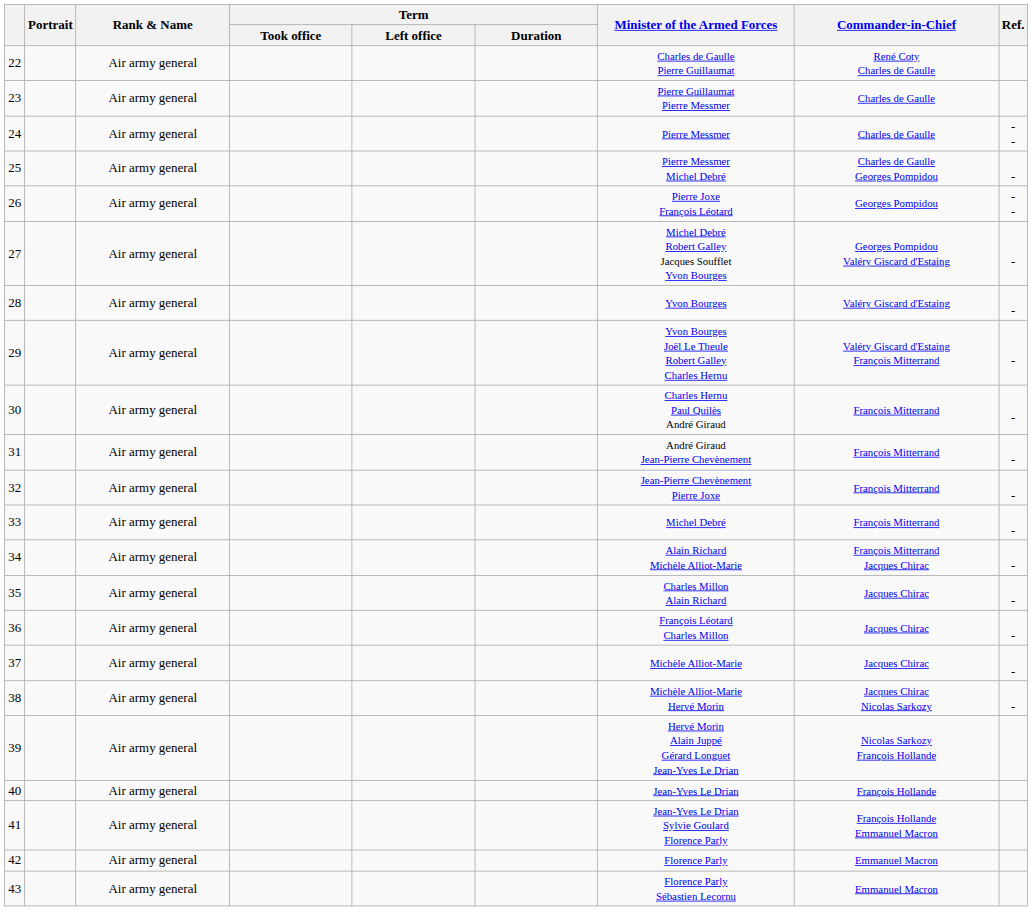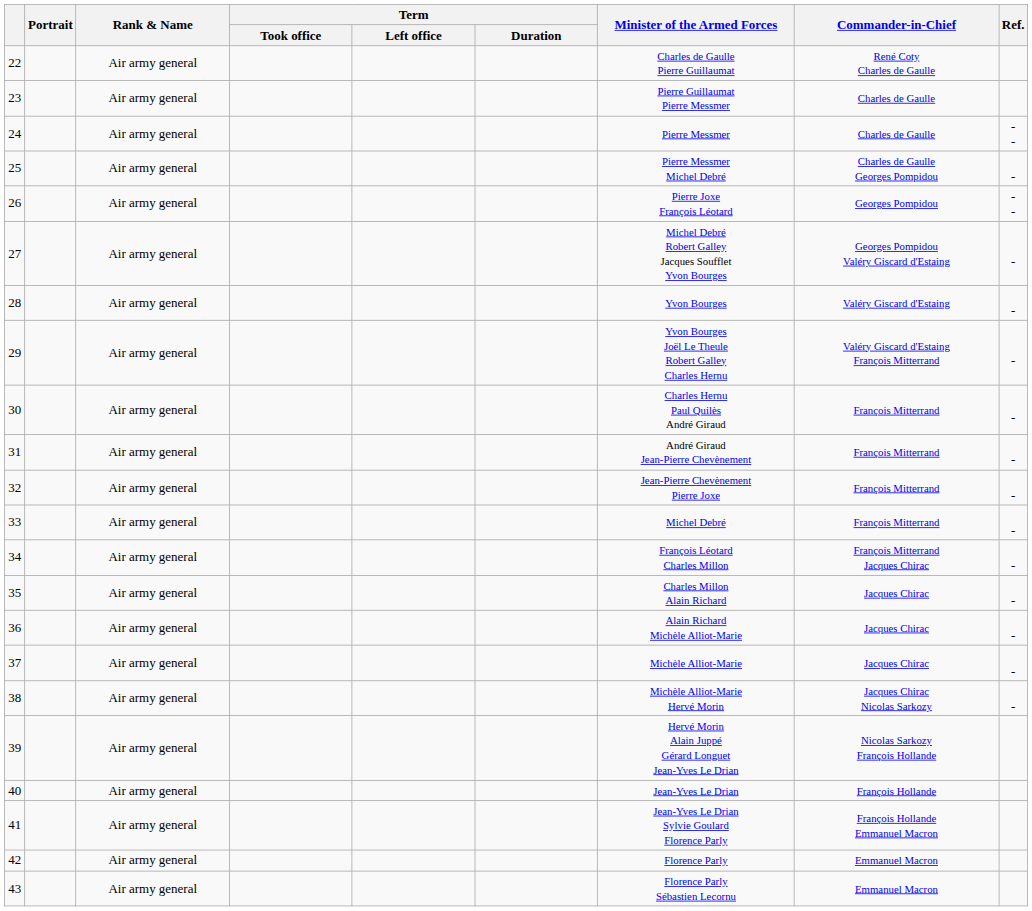 <table class="wikitable" style="text-align:center; width:100%">
 <tr>
 <th style="width:2%" rowspan=2></th>
 <th style="width:5%" rowspan=2>Portrait</th>
 <th style="width:15%" rowspan=2>Rank & Name</th>
 <th colspan=3>Term</th>
 <th rowspan=2><a href='#'>Minister of the Armed Forces</a></th>
 <th style="width:20%" rowspan=2><a href='#'>Commander-in-Chief</a></th>
 <th style="width:2%" rowspan=2>Ref.</th>
 </tr>
 <tr>
 <th style="width:12%">Took office </th>
 <th style="width:12%">Left office </th>
 <th style="width:12%">Duration</th>
 </tr>
 <tr>
 <td>22</td>
 <td></td>
 <td>Air army general<br><strong></strong></td>
 <td></td>
 <td></td>
 <td></td>
 <td><small><a href='#'>Charles de Gaulle</a><br><a href='#'>Pierre Guillaumat</a></small></td>
 <td><small><a href='#'>René Coty</a><br><a href='#'>Charles de Gaulle</a></small></td>
 <td><br></td>
 </tr>
 <tr>
 <td>23</td>
 <td></td>
 <td>Air army general<br><strong></strong></td>
 <td></td>
 <td></td>
 <td></td>
 <td><small><a href='#'>Pierre Guillaumat</a><br><a href='#'>Pierre Messmer</a></small></td>
 <td><small><a href='#'>Charles de Gaulle</a></small></td>
 <td><br></td>
 </tr>
 <tr>
 <td>24</td>
 <td></td>
 <td>Air army general<br><strong></strong></td>
 <td></td>
 <td></td>
 <td></td>
 <td><small><a href='#'>Pierre Messmer</a></small></td>
 <td><small><a href='#'>Charles de Gaulle</a></small></td>
 <td>-<br>-</td>
 </tr>
 <tr>
 <td>25</td>
 <td></td>
 <td>Air army general<br><strong></strong></td>
 <td></td>
 <td></td>
 <td></td>
 <td><small><a href='#'>Pierre Messmer</a><br><a href='#'>Michel Debré</a></small></td>
 <td><small><a href='#'>Charles de Gaulle</a><br><a href='#'>Georges Pompidou</a></small></td>
 <td><br>-</td>
 </tr>
 <tr>
 <td>26</td>
 <td></td>
 <td>Air army general<br><strong></strong></td>
 <td></td>
 <td></td>
 <td></td>
 <td><small><a href='#'>Pierre Joxe</a><br><a href='#'>François Léotard</a></small></td>
 <td><small><a href='#'>Georges Pompidou</a></small></td>
 <td>-<br>-</td>
 </tr>
 <tr>
 <td>27</td>
 <td></td>
 <td>Air army general<br><strong></strong></td>
 <td></td>
 <td></td>
 <td></td>
 <td><small><a href='#'>Michel Debré</a><br><a href='#'>Robert Galley</a><br>Jacques Soufflet<br><a href='#'>Yvon Bourges</a></small></td>
 <td><small><a href='#'>Georges Pompidou</a><br><a href='#'>Valéry Giscard d'Estaing</a></small></td>
 <td><br>-</td>
 </tr>
 <tr>
 <td>28</td>
 <td></td>
 <td>Air army general<br><strong></strong></td>
 <td></td>
 <td></td>
 <td></td>
 <td><small><a href='#'>Yvon Bourges</a></small></td>
 <td><small><a href='#'>Valéry Giscard d'Estaing</a></small></td>
 <td><br>-</td>
 </tr>
 <tr>
 <td>29</td>
 <td></td>
 <td>Air army general<br><strong></strong></td>
 <td></td>
 <td></td>
 <td></td>
 <td><small><a href='#'>Yvon Bourges</a><br><a href='#'>Joël Le Theule</a><br><a href='#'>Robert Galley</a><br><a href='#'>Charles Hernu</a></small></td>
 <td><small><a href='#'>Valéry Giscard d'Estaing</a><br><a href='#'>François Mitterrand</a></small></td>
 <td><br>-</td>
 </tr>
 <tr>
 <td>30</td>
 <td></td>
 <td>Air army general<br><strong></strong></td>
 <td></td>
 <td></td>
 <td></td>
 <td><small><a href='#'>Charles Hernu</a><br><a href='#'>Paul Quilès</a><br>André Giraud</small></td>
 <td><small><a href='#'>François Mitterrand</a></small></td>
 <td><br>-</td>
 </tr>
 <tr>
 <td>31</td>
 <td></td>
 <td>Air army general<br><strong></strong></td>
 <td></td>
 <td></td>
 <td></td>
 <td><small>André Giraud<br><a href='#'>Jean-Pierre Chevènement</a></small></td>
 <td><small><a href='#'>François Mitterrand</a></small></td>
 <td><br>-</td>
 </tr>
 <tr>
 <td>32</td>
 <td></td>
 <td>Air army general<br><strong></strong></td>
 <td></td>
 <td></td>
 <td></td>
 <td><small><a href='#'>Jean-Pierre Chevènement</a><br><a href='#'>Pierre Joxe</a></small></td>
 <td><small><a href='#'>François Mitterrand</a></small></td>
 <td><br>-</td>
 </tr>
 <tr>
 <td>33</td>
 <td></td>
 <td>Air army general<br><strong></strong></td>
 <td></td>
 <td></td>
 <td></td>
 <td><small><a href='#'>Michel Debré</a></small></td>
 <td><small><a href='#'>François Mitterrand</a></small></td>
 <td><br>-</td>
 </tr>
 <tr>
 <td>34</td>
 <td></td>
 <td>Air army general<br><strong></strong></td>
 <td></td>
 <td></td>
 <td></td>
-<td><small><a href='#'>Alain Richard</a><br><a href='#'>Michèle Alliot-Marie</a></small></td>
+<td><small><a href='#'>François Léotard</a><br><a href='#'>Charles Millon</a></small></td>
 <td><small><a href='#'>François Mitterrand</a><br><a href='#'>Jacques Chirac</a></small></td>
 <td><br>-</td>
 </tr>
 <tr>
 <td>35</td>
 <td></td>
 <td>Air army general<br><strong></strong></td>
 <td></td>
 <td></td>
 <td></td>
 <td><small><a href='#'>Charles Millon</a><br><a href='#'>Alain Richard</a></small></td>
 <td><small><a href='#'>Jacques Chirac</a></small></td>
 <td><br>-</td>
 </tr>
 <tr>
 <td>36</td>
 <td></td>
 <td>Air army general<br><strong></strong></td>
 <td></td>
 <td></td>
 <td></td>
-<td><small><a href='#'>François Léotard</a><br><a href='#'>Charles Millon</a></small></td>
+<td><small><a href='#'>Alain Richard</a><br><a href='#'>Michèle Alliot-Marie</a></small></td>
 <td><small><a href='#'>Jacques Chirac</a></small></td>
 <td><br>-</td>
 </tr>
 <tr>
 <td>37</td>
 <td></td>
 <td>Air army general<br><strong></strong></td>
 <td></td>
 <td></td>
 <td></td>
 <td><small><a href='#'>Michèle Alliot-Marie</a></small></td>
 <td><small><a href='#'>Jacques Chirac</a></small></td>
 <td><br>-</td>
 </tr>
 <tr>
 <td>38</td>
 <td></td>
 <td>Air army general<br><strong></strong></td>
 <td></td>
 <td></td>
 <td></td>
 <td><small><a href='#'>Michèle Alliot-Marie</a><br><a href='#'>Hervé Morin</a></small></td>
 <td><small><a href='#'>Jacques Chirac</a><br><a href='#'>Nicolas Sarkozy</a></small></td>
 <td><br>-</td>
 </tr>
 <tr>
 <td>39</td>
 <td></td>
 <td>Air army general<br><strong></strong></td>
 <td></td>
 <td></td>
 <td></td>
 <td><small><a href='#'>Hervé Morin</a><br><a href='#'>Alain Juppé</a><br><a href='#'>Gérard Longuet</a><br><a href='#'>Jean-Yves Le Drian</a></small></td>
 <td><small><a href='#'>Nicolas Sarkozy</a><br><a href='#'>François Hollande</a></small></td>
 <td><br></td>
 </tr>
 <tr>
 <td>40</td>
 <td></td>
 <td>Air army general<br><strong></strong></td>
 <td></td>
 <td></td>
 <td></td>
 <td><small><a href='#'>Jean-Yves Le Drian</a></small></td>
 <td><small><a href='#'>François Hollande</a></small></td>
 <td><br></td>
 </tr>
 <tr>
 <td>41</td>
 <td></td>
 <td>Air army general<br><strong></strong></td>
 <td></td>
 <td></td>
 <td></td>
 <td><small><a href='#'>Jean-Yves Le Drian</a><br><a href='#'>Sylvie Goulard</a><br><a href='#'>Florence Parly</a></small></td>
 <td><small><a href='#'>François Hollande</a><br><a href='#'>Emmanuel Macron</a></small></td>
 <td><br></td>
 </tr>
 <tr>
 <td>42</td>
 <td></td>
 <td>Air army general<br><strong></strong></td>
 <td></td>
 <td></td>
 <td></td>
 <td><small><a href='#'>Florence Parly</a></small></td>
 <td><small><a href='#'>Emmanuel Macron</a></small></td>
 <td><br></td>
 </tr>
 <tr>
 <td>43</td>
 <td></td>
 <td>Air army general<br><strong></strong></td>
 <td></td>
 <td></td>
 <td></td>
 <td><small><a href='#'>Florence Parly</a><br><a href='#'>Sébastien Lecornu</a></small></td>
 <td><small><a href='#'>Emmanuel Macron</a></small></td>
 <td></td>
 </tr>
 </table>
